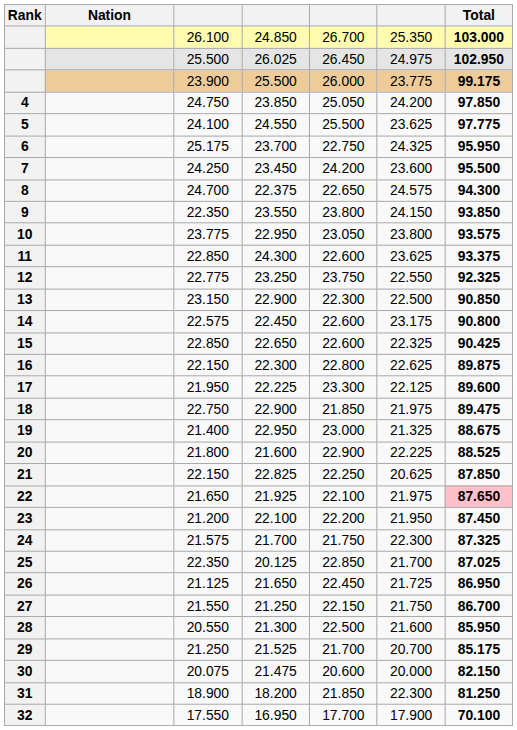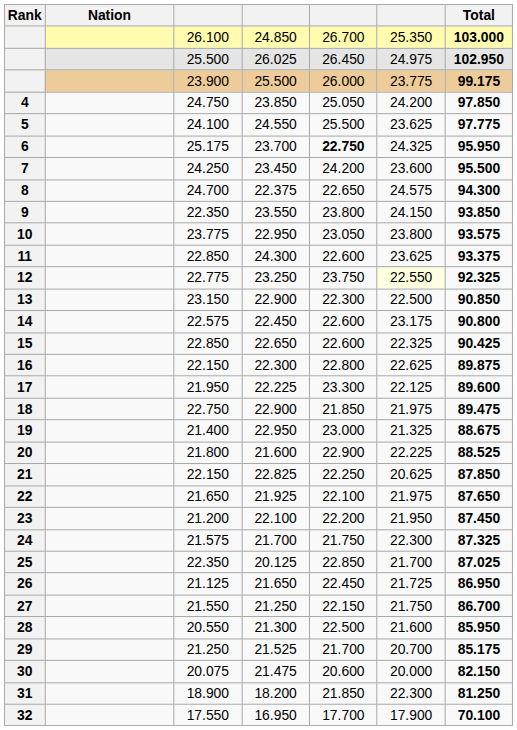 <table class="wikitable sortable" style="text-align:center; font-size:85%">
 <tr>
 <th scope="col" style="width:20px;">Rank</th>
 <th ! scope="col" style="width:120px;">Nation</th>
 <th ! scope="col" style="width:60px;"></th>
 <th ! scope="col" style="width:60px;"></th>
 <th ! scope="col" style="width:60px;"></th>
 <th ! scope="col" style="width:60px;"></th>
 <th ! scope="col" style="width:60px;">Total</th>
 </tr>
 <tr bgcolor=fffcaf>
 <th scope=row></th>
 <td align=left></td>
 <td>26.100</td>
 <td>24.850</td>
 <td>26.700</td>
 <td>25.350</td>
 <td><strong>103.000</strong></td>
 </tr>
 <tr bgcolor=e5e5e5>
 <th scope=row></th>
 <td align=left></td>
 <td>25.500</td>
 <td>26.025</td>
 <td>26.450</td>
 <td>24.975</td>
 <td><strong>102.950</strong></td>
 </tr>
 <tr bgcolor=eecc99>
 <th scope=row></th>
 <td align=left></td>
 <td>23.900</td>
 <td>25.500</td>
 <td>26.000</td>
 <td>23.775</td>
 <td><strong>99.175</strong></td>
 </tr>
 <tr>
 <th scope=row>4</th>
 <td align=left></td>
 <td>24.750</td>
 <td>23.850</td>
 <td>25.050</td>
 <td>24.200</td>
 <td><strong>97.850</strong></td>
 </tr>
 <tr>
 <th scope=row>5</th>
 <td align=left></td>
 <td>24.100</td>
 <td>24.550</td>
 <td>25.500</td>
 <td>23.625</td>
 <td><strong>97.775</strong></td>
 </tr>
 <tr>
 <th scope=row>6</th>
 <td align=left></td>
 <td>25.175</td>
 <td>23.700</td>
-<td>22.750</td>
+<td><strong>22.750</strong></td>
 <td>24.325</td>
 <td><strong>95.950</strong></td>
 </tr>
 <tr>
 <th scope=row>7</th>
 <td align=left></td>
 <td>24.250</td>
 <td>23.450</td>
 <td>24.200</td>
 <td>23.600</td>
 <td><strong>95.500</strong></td>
 </tr>
 <tr>
 <th scope=row>8</th>
 <td align=left></td>
 <td>24.700</td>
 <td>22.375</td>
 <td>22.650</td>
 <td>24.575</td>
 <td><strong>94.300</strong></td>
 </tr>
 <tr>
 <th scope=row>9</th>
 <td align=left></td>
 <td>22.350</td>
 <td>23.550</td>
 <td>23.800</td>
 <td>24.150</td>
 <td><strong>93.850</strong></td>
 </tr>
 <tr>
 <th scope=row>10</th>
 <td align=left></td>
 <td>23.775</td>
 <td>22.950</td>
 <td>23.050</td>
 <td>23.800</td>
 <td><strong>93.575</strong></td>
 </tr>
 <tr>
 <th scope=row>11</th>
 <td align=left></td>
 <td>22.850</td>
 <td>24.300</td>
 <td>22.600</td>
 <td>23.625</td>
 <td><strong>93.375</strong></td>
 </tr>
 <tr>
 <th scope=row>12</th>
 <td align=left></td>
 <td>22.775</td>
 <td>23.250</td>
 <td>23.750</td>
-<td>22.550</td>
+<td style="background: lightyellow;">22.550</td>
 <td><strong>92.325</strong></td>
 </tr>
 <tr>
 <th scope=row>13</th>
 <td align=left></td>
 <td>23.150</td>
 <td>22.900</td>
 <td>22.300</td>
 <td>22.500</td>
 <td><strong>90.850</strong></td>
 </tr>
 <tr>
 <th scope=row>14</th>
 <td align=left></td>
 <td>22.575</td>
 <td>22.450</td>
 <td>22.600</td>
 <td>23.175</td>
 <td><strong>90.800</strong></td>
 </tr>
 <tr>
 <th scope=row>15</th>
 <td align=left></td>
 <td>22.850</td>
 <td>22.650</td>
 <td>22.600</td>
 <td>22.325</td>
 <td><strong>90.425</strong></td>
 </tr>
 <tr>
 <th scope=row>16</th>
 <td align=left></td>
 <td>22.150</td>
 <td>22.300</td>
 <td>22.800</td>
 <td>22.625</td>
 <td><strong>89.875</strong></td>
 </tr>
 <tr>
 <th scope=row>17</th>
 <td align=left></td>
 <td>21.950</td>
 <td>22.225</td>
 <td>23.300</td>
 <td>22.125</td>
 <td><strong>89.600</strong></td>
 </tr>
 <tr>
 <th scope=row>18</th>
 <td align=left></td>
 <td>22.750</td>
 <td>22.900</td>
 <td>21.850</td>
 <td>21.975</td>
 <td><strong>89.475</strong></td>
 </tr>
 <tr>
 <th scope=row>19</th>
 <td align=left></td>
 <td>21.400</td>
 <td>22.950</td>
 <td>23.000</td>
 <td>21.325</td>
 <td><strong>88.675</strong></td>
 </tr>
 <tr>
 <th scope=row>20</th>
 <td align=left></td>
 <td>21.800</td>
 <td>21.600</td>
 <td>22.900</td>
 <td>22.225</td>
 <td><strong>88.525</strong></td>
 </tr>
 <tr>
 <th scope=row>21</th>
 <td align=left></td>
 <td>22.150</td>
 <td>22.825</td>
 <td>22.250</td>
 <td>20.625</td>
 <td><strong>87.850</strong></td>
 </tr>
 <tr>
 <th scope=row>22</th>
 <td align=left></td>
 <td>21.650</td>
 <td>21.925</td>
 <td>22.100</td>
 <td>21.975</td>
-<td style="background: pink;"><strong>87.650</strong></td>
+<td><strong>87.650</strong></td>
 </tr>
 <tr>
 <th scope=row>23</th>
 <td align=left></td>
 <td>21.200</td>
 <td>22.100</td>
 <td>22.200</td>
 <td>21.950</td>
 <td><strong>87.450</strong></td>
 </tr>
 <tr>
 <th scope=row>24</th>
 <td align=left></td>
 <td>21.575</td>
 <td>21.700</td>
 <td>21.750</td>
 <td>22.300</td>
 <td><strong>87.325</strong></td>
 </tr>
 <tr>
 <th scope=row>25</th>
 <td align=left></td>
 <td>22.350</td>
 <td>20.125</td>
 <td>22.850</td>
 <td>21.700</td>
 <td><strong>87.025</strong></td>
 </tr>
 <tr>
 <th scope=row>26</th>
 <td align=left></td>
 <td>21.125</td>
 <td>21.650</td>
 <td>22.450</td>
 <td>21.725</td>
 <td><strong>86.950</strong></td>
 </tr>
 <tr>
 <th scope=row>27</th>
 <td align=left></td>
 <td>21.550</td>
 <td>21.250</td>
 <td>22.150</td>
 <td>21.750</td>
 <td><strong>86.700</strong></td>
 </tr>
 <tr>
 <th scope=row>28</th>
 <td align=left></td>
 <td>20.550</td>
 <td>21.300</td>
 <td>22.500</td>
 <td>21.600</td>
 <td><strong>85.950</strong></td>
 </tr>
 <tr>
 <th scope=row>29</th>
 <td align=left></td>
 <td>21.250</td>
 <td>21.525</td>
 <td>21.700</td>
 <td>20.700</td>
 <td><strong>85.175</strong></td>
 </tr>
 <tr>
 <th scope=row>30</th>
 <td align=left></td>
 <td>20.075</td>
 <td>21.475</td>
 <td>20.600</td>
 <td>20.000</td>
 <td><strong>82.150</strong></td>
 </tr>
 <tr>
 <th scope=row>31</th>
 <td align=left></td>
 <td>18.900</td>
 <td>18.200</td>
 <td>21.850</td>
 <td>22.300</td>
 <td><strong>81.250</strong></td>
 </tr>
 <tr>
 <th scope=row>32</th>
 <td align=left></td>
 <td>17.550</td>
 <td>16.950</td>
 <td>17.700</td>
 <td>17.900</td>
 <td><strong>70.100</strong></td>
 </tr>
 <tr>
 </tr>
 </table>
